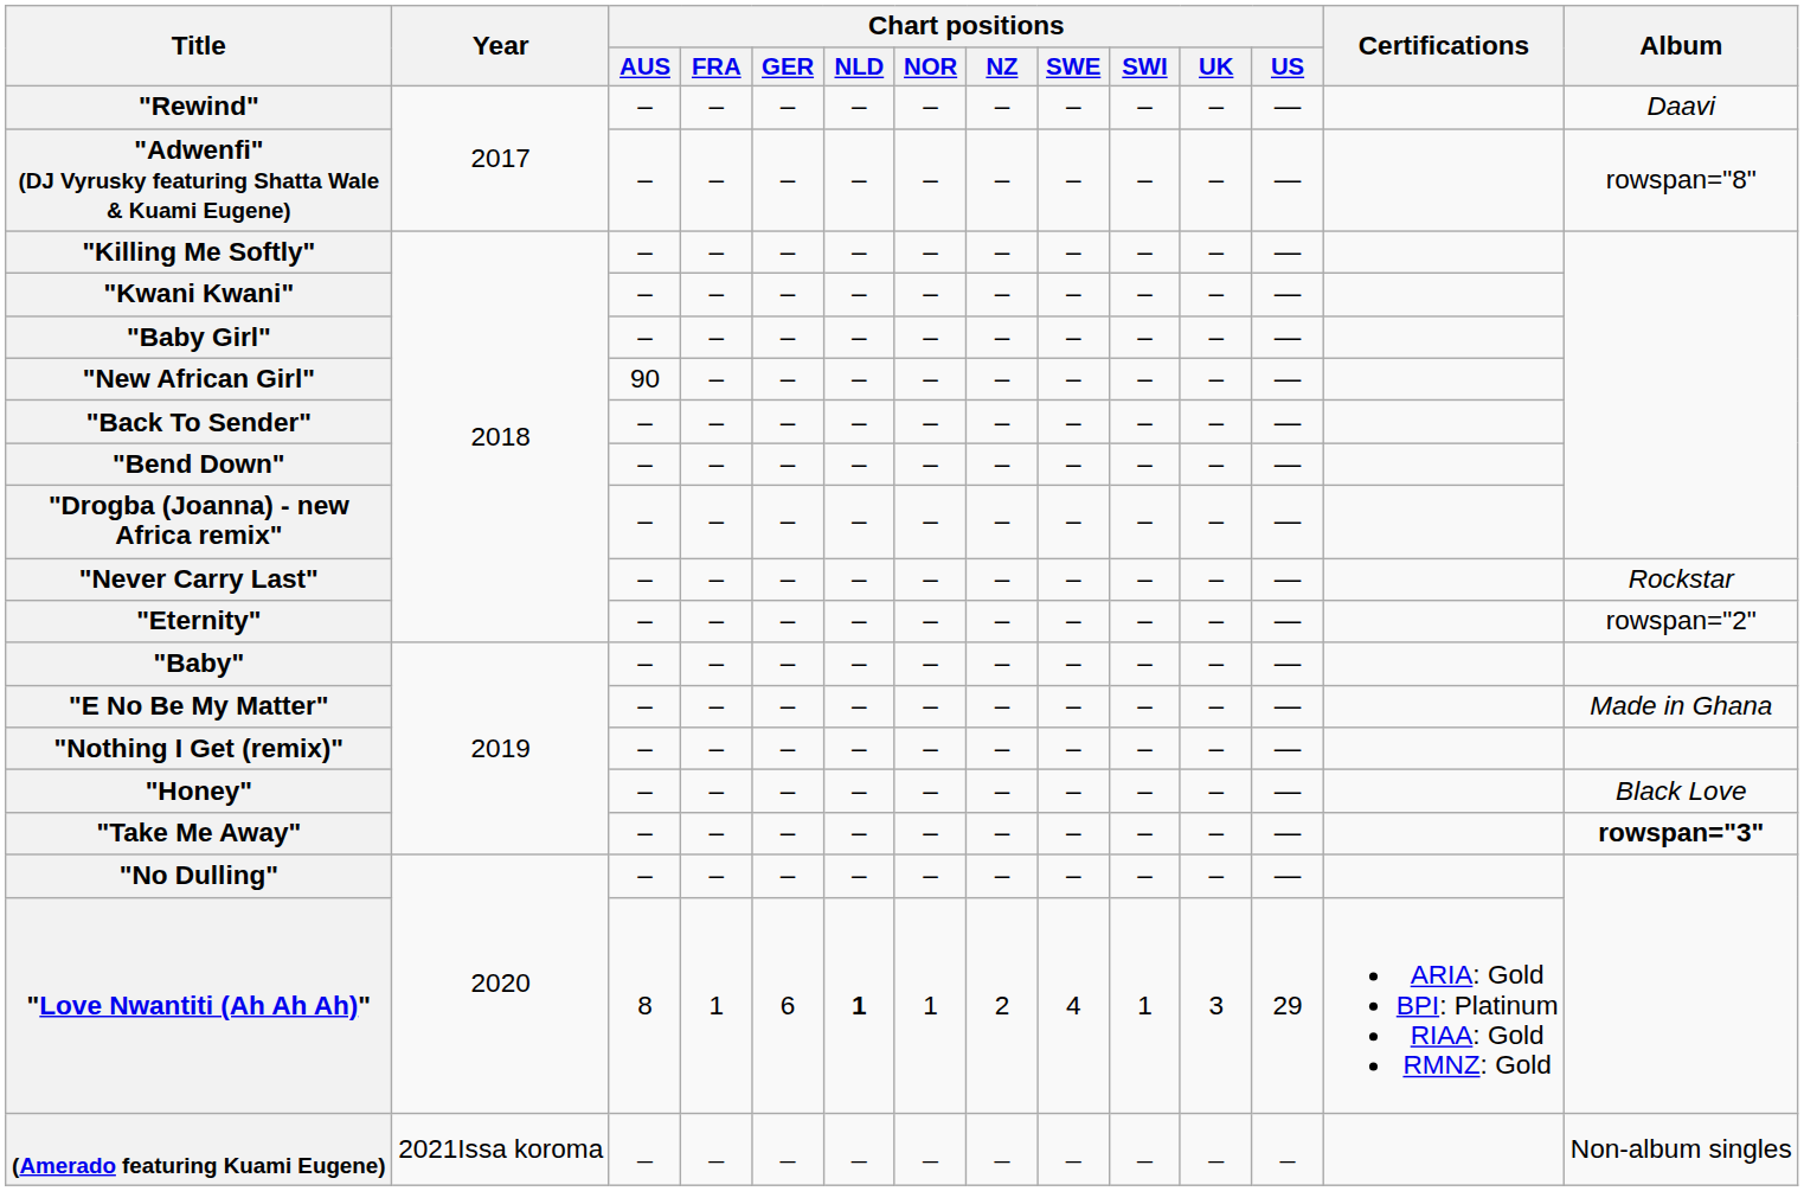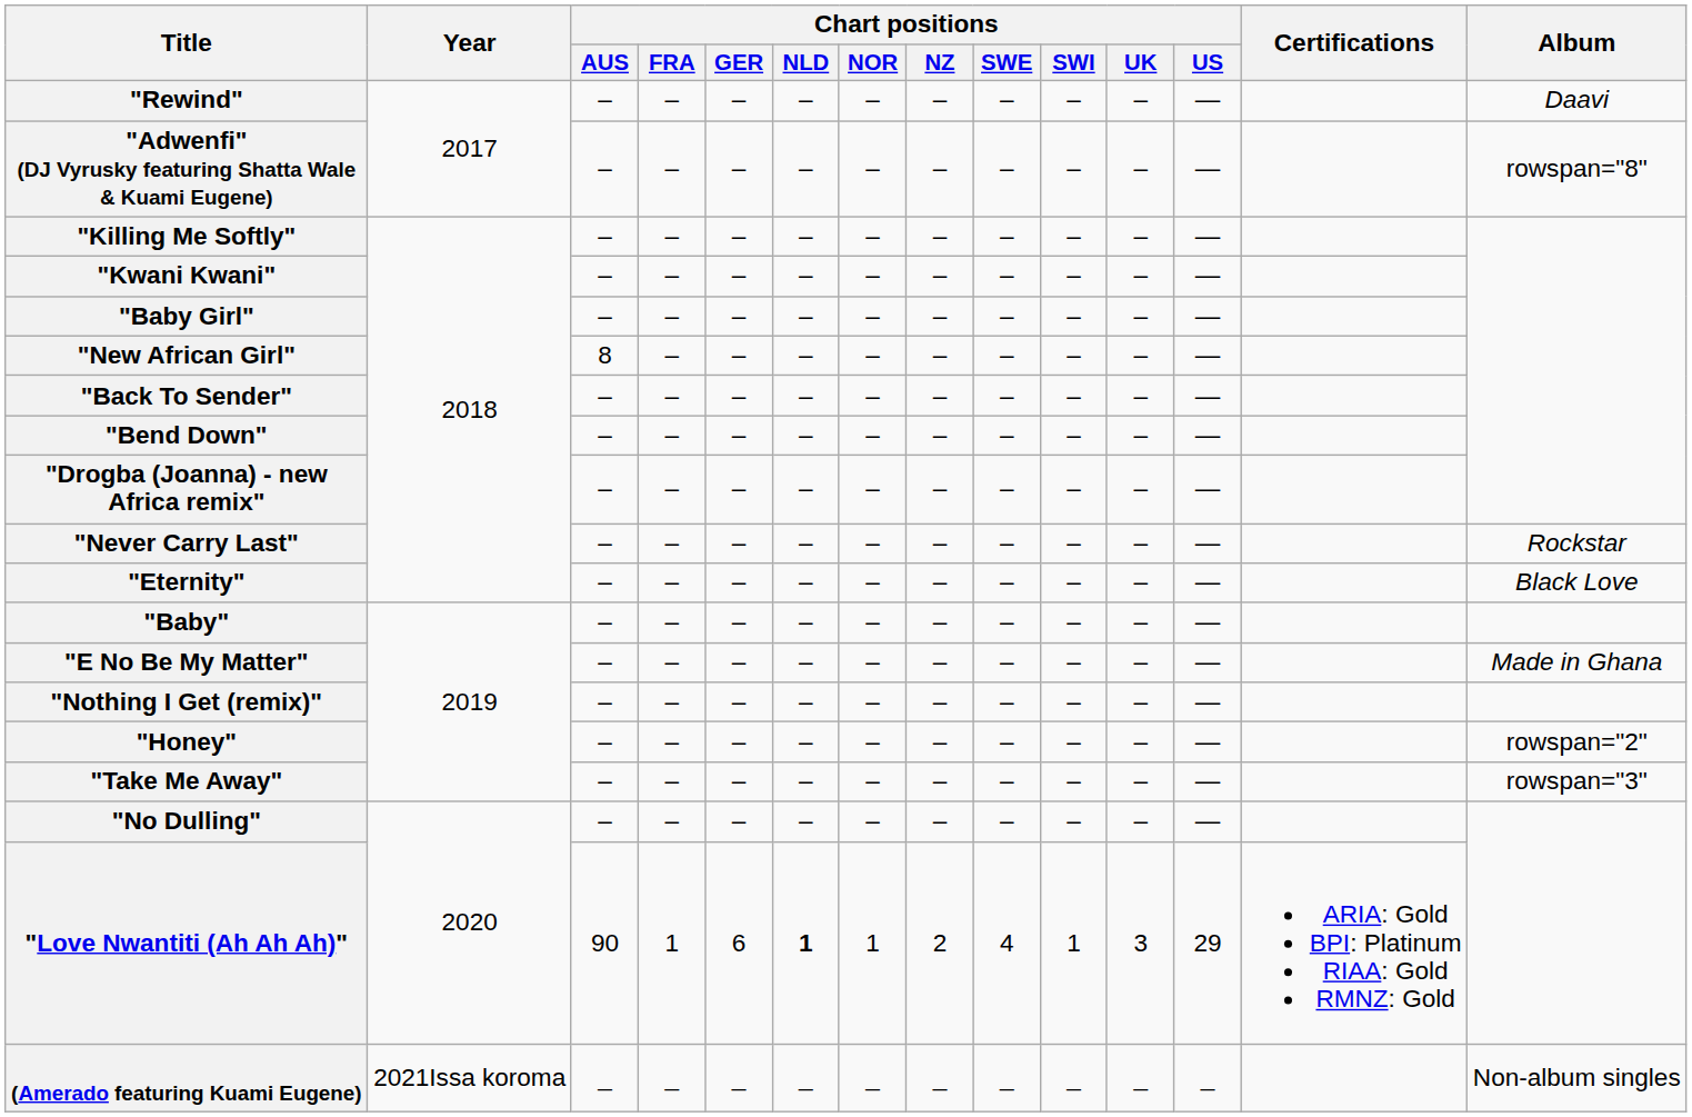 <table class="wikitable plainrowheaders" style="text-align:center">
 <tr>
 <th rowspan="2" scope="col" style="width:14em;">Title</th>
 <th rowspan="2" scope="col">Year</th>
 <th colspan="10">Chart positions</th>
 <th rowspan="2" scope="col">Certifications</th>
 <th rowspan="2" scope="col">Album</th>
 </tr>
 <tr>
 <th scope="col" style="width:2.5em;font-size:90%;"><a href='#'>AUS</a><br></th>
 <th scope="col" style="width:2.5em;font-size:90%;"><a href='#'>FRA</a><br></th>
 <th scope="col" style="width:2.5em;font-size:90%;"><a href='#'>GER</a><br></th>
 <th scope="col" style="width:2.5em;font-size:90%;"><a href='#'>NLD</a><br></th>
 <th scope="col" style="width:2.5em;font-size:90%;"><a href='#'>NOR</a><br></th>
 <th scope="col" style="width:2.5em;font-size:90%;"><a href='#'>NZ</a><br></th>
 <th scope="col" style="width:2.5em;font-size:90%;"><a href='#'>SWE</a><br></th>
 <th scope="col" style="width:2.5em;font-size:90%;"><a href='#'>SWI</a><br></th>
 <th scope="col" style="width:2.5em;font-size:90%;"><a href='#'>UK</a><br></th>
 <th scope="col" style="width:2.5em;font-size:90%;"><a href='#'>US</a><br></th>
 </tr>
 <tr>
 <th scope="row">"Rewind"<br></th>
 <td rowspan="2">2017</td>
 <td>–</td>
 <td>–</td>
 <td>–</td>
 <td>–</td>
 <td>–</td>
 <td>–</td>
 <td>–</td>
 <td>–</td>
 <td>–</td>
 <td>—</td>
 <td></td>
 <td><em>Daavi</em></td>
 </tr>
 <tr>
 <th scope="row">"Adwenfi"<br><small>(DJ Vyrusky featuring Shatta Wale & Kuami Eugene)</small></th>
 <td>–</td>
 <td>–</td>
 <td>–</td>
 <td>–</td>
 <td>–</td>
 <td>–</td>
 <td>–</td>
 <td>–</td>
 <td>–</td>
 <td>—</td>
 <td></td>
 <td>rowspan="8" </td>
 </tr>
 <tr>
 <th scope="row">"Killing Me Softly"<br></th>
 <td rowspan="9">2018</td>
 <td>–</td>
 <td>–</td>
 <td>–</td>
 <td>–</td>
 <td>–</td>
 <td>–</td>
 <td>–</td>
 <td>–</td>
 <td>–</td>
 <td>—</td>
 <td></td>
 </tr>
 <tr>
 <th scope="row">"Kwani Kwani"<br></th>
 <td>–</td>
 <td>–</td>
 <td>–</td>
 <td>–</td>
 <td>–</td>
 <td>–</td>
 <td>–</td>
 <td>–</td>
 <td>–</td>
 <td>—</td>
 <td></td>
 </tr>
 <tr>
 <th scope="row">"Baby Girl"<br></th>
 <td>–</td>
 <td>–</td>
 <td>–</td>
 <td>–</td>
 <td>–</td>
 <td>–</td>
 <td>–</td>
 <td>–</td>
 <td>–</td>
 <td>—</td>
 <td></td>
 </tr>
 <tr>
 <th scope="row">"New African Girl"<br></th>
-<td>90</td>
+<td>8</td>
 <td>–</td>
 <td>–</td>
 <td>–</td>
 <td>–</td>
 <td>–</td>
 <td>–</td>
 <td>–</td>
 <td>–</td>
 <td>—</td>
 <td></td>
 </tr>
 <tr>
 <th scope="row">"Back To Sender"<br></th>
 <td>–</td>
 <td>–</td>
 <td>–</td>
 <td>–</td>
 <td>–</td>
 <td>–</td>
 <td>–</td>
 <td>–</td>
 <td>–</td>
 <td>—</td>
 <td></td>
 </tr>
 <tr>
 <th scope="row">"Bend Down"<br></th>
 <td>–</td>
 <td>–</td>
 <td>–</td>
 <td>–</td>
 <td>–</td>
 <td>–</td>
 <td>–</td>
 <td>–</td>
 <td>–</td>
 <td>—</td>
 <td></td>
 </tr>
 <tr>
 <th scope="row">"Drogba (Joanna) - new Africa remix"<br></th>
 <td>–</td>
 <td>–</td>
 <td>–</td>
 <td>–</td>
 <td>–</td>
 <td>–</td>
 <td>–</td>
 <td>–</td>
 <td>–</td>
 <td>—</td>
 <td></td>
 </tr>
 <tr>
 <th scope="row">"Never Carry Last"<br></th>
 <td>–</td>
 <td>–</td>
 <td>–</td>
 <td>–</td>
 <td>–</td>
 <td>–</td>
 <td>–</td>
 <td>–</td>
 <td>–</td>
 <td>—</td>
 <td></td>
 <td><em>Rockstar</em></td>
 </tr>
 <tr>
 <th scope="row">"Eternity"<br></th>
 <td>–</td>
 <td>–</td>
 <td>–</td>
 <td>–</td>
 <td>–</td>
 <td>–</td>
 <td>–</td>
 <td>–</td>
 <td>–</td>
 <td>—</td>
 <td></td>
-<td>rowspan="2" </td>
+<td><em>Black Love</em></td>
 </tr>
 <tr>
 <th scope="row">"Baby"<br></th>
 <td rowspan="5">2019</td>
 <td>–</td>
 <td>–</td>
 <td>–</td>
 <td>–</td>
 <td>–</td>
 <td>–</td>
 <td>–</td>
 <td>–</td>
 <td>–</td>
 <td>—</td>
 <td></td>
 </tr>
 <tr>
 <th scope="row">"E No Be My Matter"<br></th>
 <td>–</td>
 <td>–</td>
 <td>–</td>
 <td>–</td>
 <td>–</td>
 <td>–</td>
 <td>–</td>
 <td>–</td>
 <td>–</td>
 <td>—</td>
 <td></td>
 <td><em>Made in Ghana</em></td>
 </tr>
 <tr>
 <th scope="row">"Nothing I Get (remix)"<br></th>
 <td>–</td>
 <td>–</td>
 <td>–</td>
 <td>–</td>
 <td>–</td>
 <td>–</td>
 <td>–</td>
 <td>–</td>
 <td>–</td>
 <td>—</td>
 <td></td>
 <td></td>
 </tr>
 <tr>
 <th scope="row">"Honey"<br></th>
 <td>–</td>
 <td>–</td>
 <td>–</td>
 <td>–</td>
 <td>–</td>
 <td>–</td>
 <td>–</td>
 <td>–</td>
 <td>–</td>
 <td>—</td>
 <td></td>
-<td><em>Black Love</em></td>
+<td>rowspan="2" </td>
 </tr>
 <tr>
 <th scope="row">"Take Me Away"<br></th>
 <td>–</td>
 <td>–</td>
 <td>–</td>
 <td>–</td>
 <td>–</td>
 <td>–</td>
 <td>–</td>
 <td>–</td>
 <td>–</td>
 <td>—</td>
 <td></td>
-<td><strong>rowspan="3" </strong></td>
+<td>rowspan="3" </td>
 </tr>
 <tr>
 <th scope="row">"No Dulling"<br></th>
 <td rowspan="2">2020</td>
 <td>–</td>
 <td>–</td>
 <td>–</td>
 <td>–</td>
 <td>–</td>
 <td>–</td>
 <td>–</td>
 <td>–</td>
 <td>–</td>
 <td>—</td>
 <td></td>
 </tr>
 <tr>
 <th scope="row">"<a href='#'>Love Nwantiti (Ah Ah Ah)</a>"<br></th>
-<td>8</td>
+<td>90</td>
 <td>1</td>
 <td>6</td>
 <td><strong>1</strong></td>
 <td>1</td>
 <td>2</td>
 <td>4</td>
 <td>1</td>
 <td>3</td>
 <td>29</td>
 <td><br><ul><li><a href='#'>ARIA</a>: Gold</li><li><a href='#'>BPI</a>: Platinum</li><li><a href='#'>RIAA</a>: Gold</li><li><a href='#'>RMNZ</a>: Gold</li></ul></td>
 </tr>
 <tr>
 <th><br><small>(<a href='#'>Amerado</a> featuring Kuami Eugene)</small></th>
 <td>2021Issa koroma</td>
 <td>_</td>
 <td>_</td>
 <td>_</td>
 <td>_</td>
 <td>_</td>
 <td>_</td>
 <td>_</td>
 <td>_</td>
 <td>_</td>
 <td>_</td>
 <td></td>
 <td>Non-album singles</td>
 </tr>
 </table>
